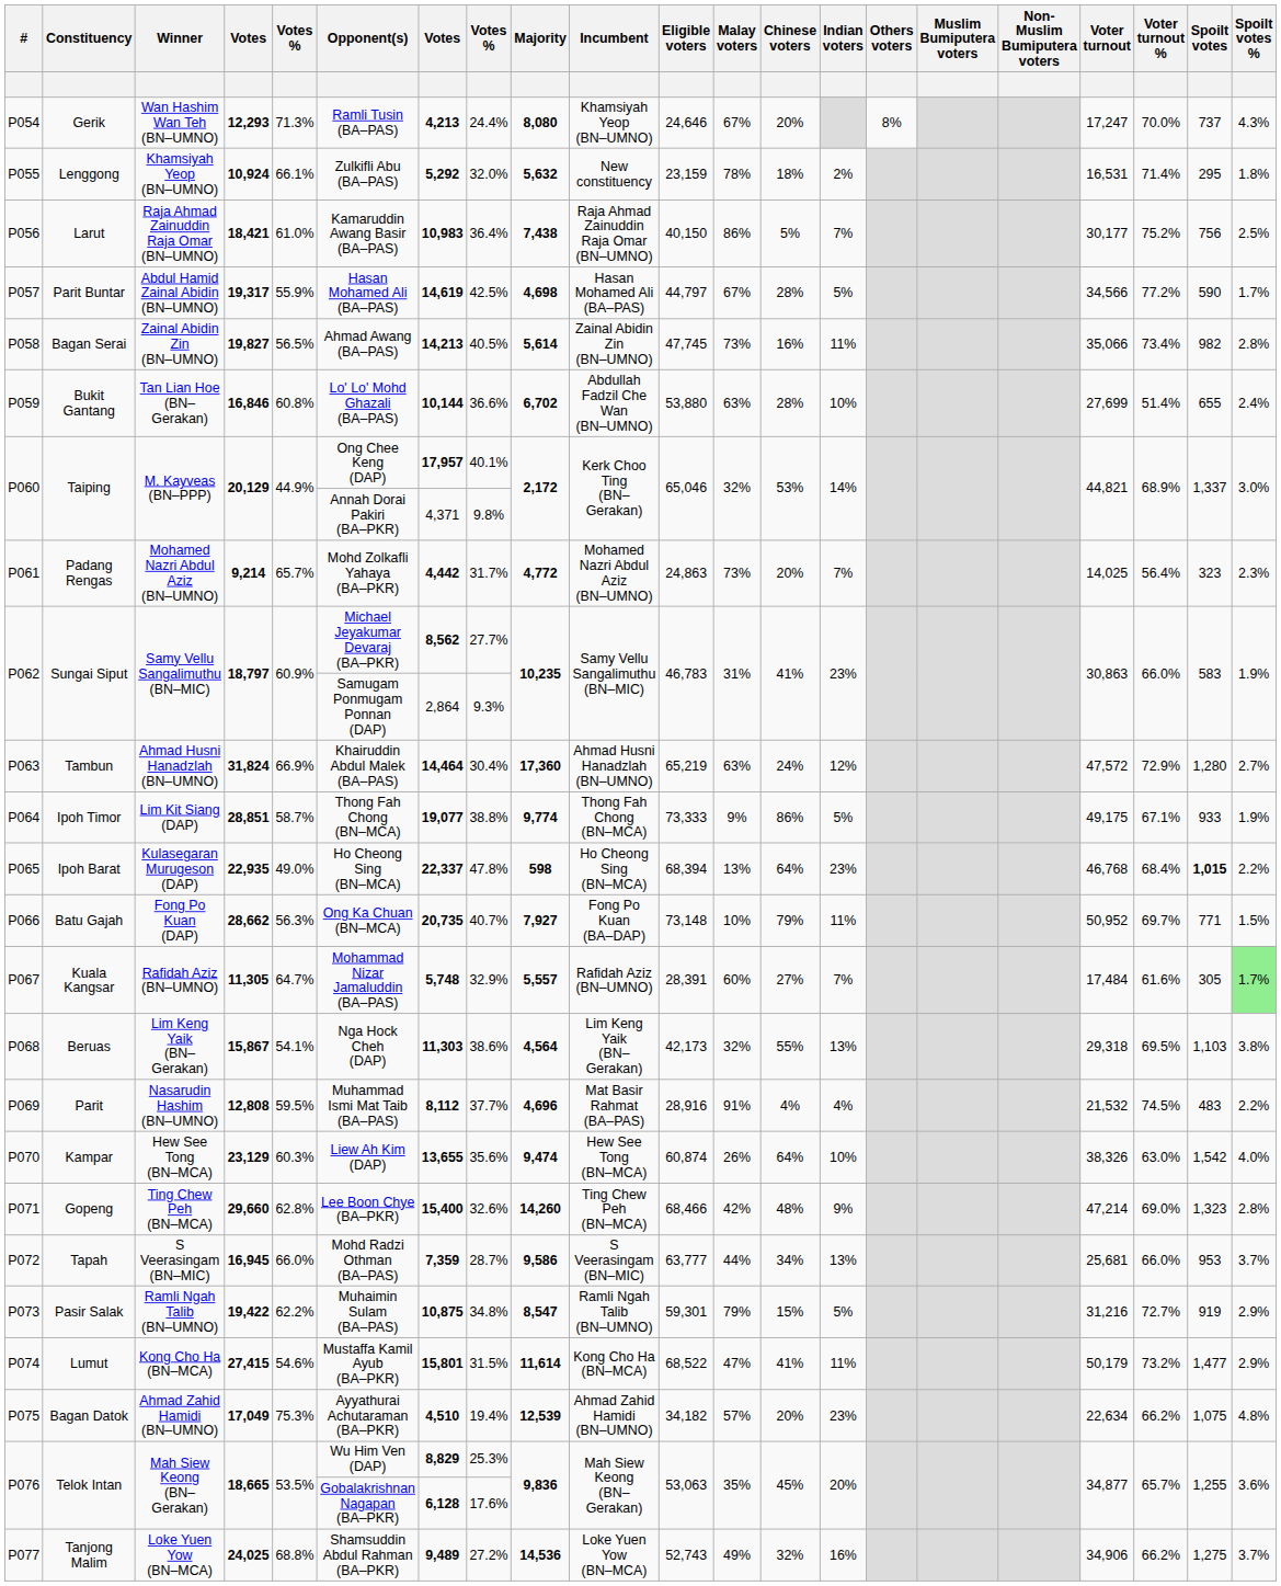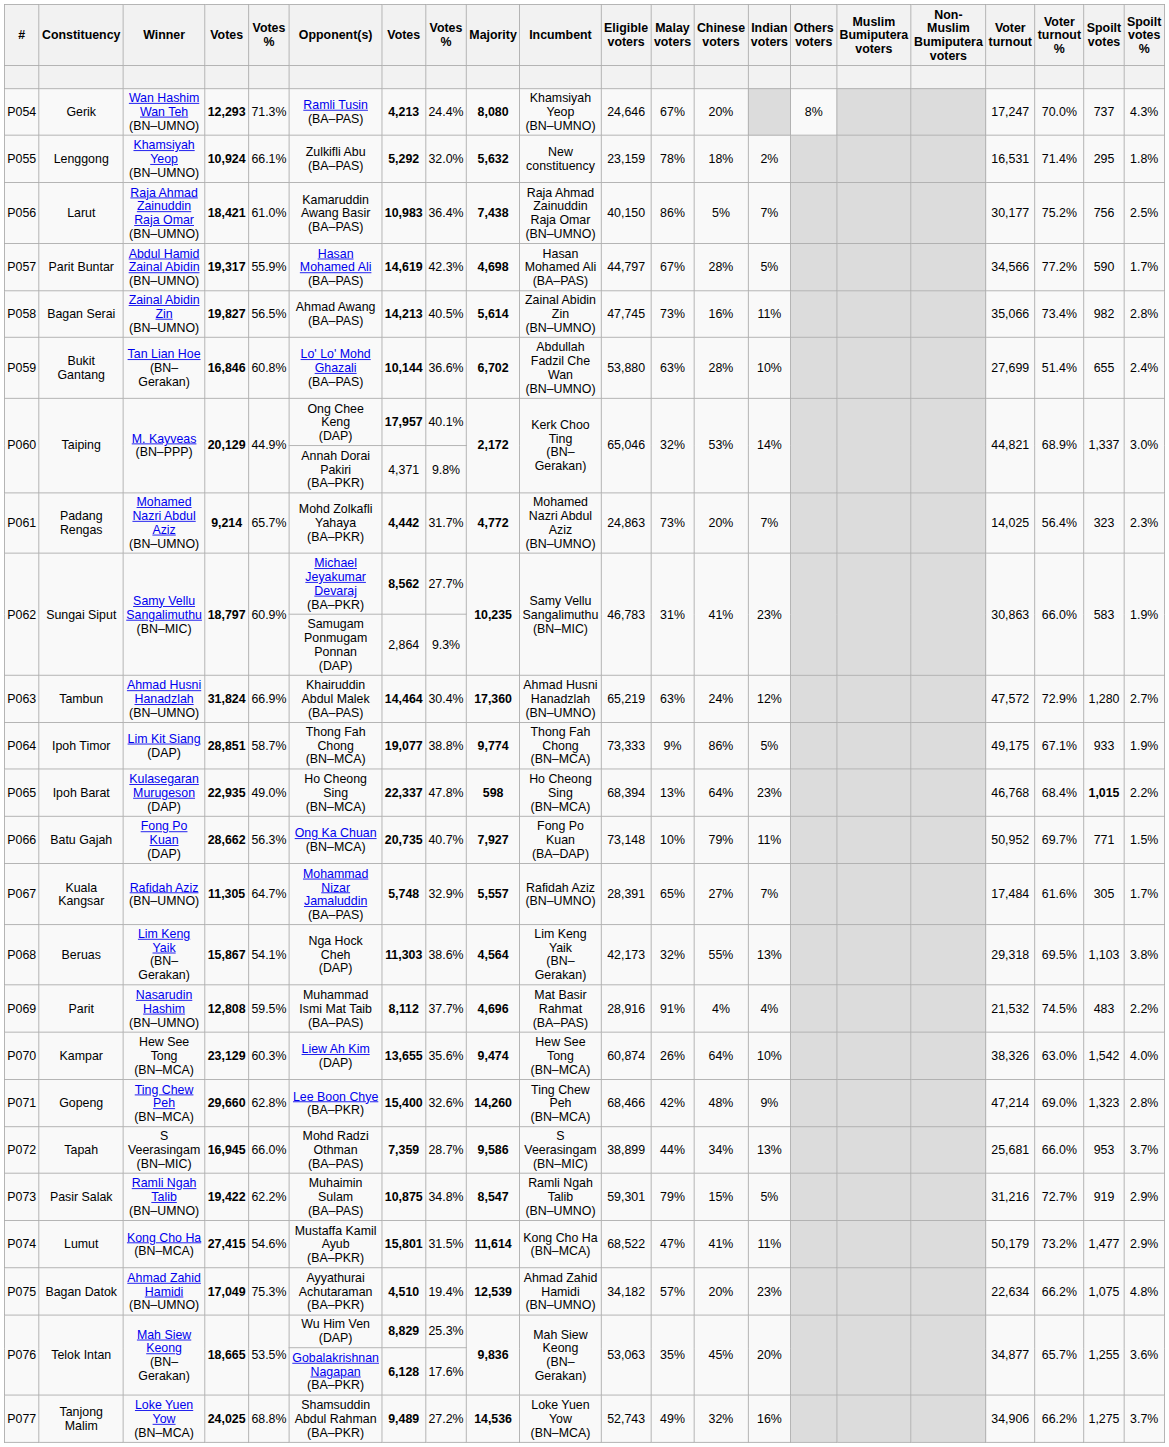 <table class="wikitable sortable" style="text-align:center; font-size:90%">
 <tr>
 <th width="30">#</th>
 <th width="60">Constituency</th>
 <th width="150">Winner</th>
 <th width="50">Votes</th>
 <th width="50">Votes %</th>
 <th width="150">Opponent(s)</th>
 <th width="50">Votes</th>
 <th width="50">Votes %</th>
 <th width="50">Majority</th>
 <th width="150">Incumbent</th>
 <th width="50">Eligible voters</th>
 <th width="50">Malay voters</th>
 <th width="50">Chinese voters</th>
 <th width="50">Indian voters</th>
 <th width="50">Others voters</th>
 <th width="50">Muslim Bumiputera voters</th>
 <th width="50">Non-Muslim Bumiputera voters</th>
 <th width="50">Voter turnout</th>
 <th width="50">Voter turnout %</th>
 <th width="50">Spoilt votes</th>
 <th width="50">Spoilt votes %</th>
 </tr>
 <tr>
 <th height="20"></th>
 <th></th>
 <th></th>
 <th></th>
 <th></th>
 <th></th>
 <th></th>
 <th></th>
 <th></th>
 <th></th>
 <th></th>
 <th></th>
 <th></th>
 <th></th>
 <th></th>
 <th></th>
 <th></th>
 <th></th>
 <th></th>
 <th></th>
 <th></th>
 </tr>
 <tr>
 <td>P054</td>
 <td>Gerik</td>
 <td><a href='#'>Wan Hashim Wan Teh</a><br>(BN–UMNO)</td>
 <td><strong>12,293</strong></td>
 <td>71.3%</td>
 <td><a href='#'>Ramli Tusin</a><br>(BA–PAS)</td>
 <td><strong>4,213</strong></td>
 <td>24.4%</td>
 <td><strong>8,080</strong></td>
 <td>Khamsiyah Yeop<br>(BN–UMNO)</td>
 <td>24,646</td>
 <td>67%</td>
 <td>20%</td>
 <td bgcolor="dcdcdc"></td>
 <td>8%</td>
 <td bgcolor="dcdcdc"></td>
 <td bgcolor="dcdcdc"></td>
 <td>17,247</td>
 <td>70.0%</td>
 <td>737</td>
 <td>4.3%</td>
 </tr>
 <tr>
 <td>P055</td>
 <td>Lenggong</td>
 <td><a href='#'>Khamsiyah Yeop</a><br>(BN–UMNO)</td>
 <td><strong>10,924</strong></td>
 <td>66.1%</td>
 <td>Zulkifli Abu<br>(BA–PAS)</td>
 <td><strong>5,292</strong></td>
 <td>32.0%</td>
 <td><strong>5,632</strong></td>
 <td>New constituency</td>
 <td>23,159</td>
 <td>78%</td>
 <td>18%</td>
 <td>2%</td>
 <td bgcolor="dcdcdc"></td>
 <td bgcolor="dcdcdc"></td>
 <td bgcolor="dcdcdc"></td>
 <td>16,531</td>
 <td>71.4%</td>
 <td>295</td>
 <td>1.8%</td>
 </tr>
 <tr>
 <td>P056</td>
 <td>Larut</td>
 <td><a href='#'>Raja Ahmad Zainuddin Raja Omar</a><br>(BN–UMNO)</td>
 <td><strong>18,421</strong></td>
 <td>61.0%</td>
 <td>Kamaruddin Awang Basir<br>(BA–PAS)</td>
 <td><strong>10,983</strong></td>
 <td>36.4%</td>
 <td><strong>7,438</strong></td>
 <td>Raja Ahmad Zainuddin Raja Omar<br>(BN–UMNO)</td>
 <td>40,150</td>
 <td>86%</td>
 <td>5%</td>
 <td>7%</td>
 <td bgcolor="dcdcdc"></td>
 <td bgcolor="dcdcdc"></td>
 <td bgcolor="dcdcdc"></td>
 <td>30,177</td>
 <td>75.2%</td>
 <td>756</td>
 <td>2.5%</td>
 </tr>
 <tr>
 <td>P057</td>
 <td>Parit Buntar</td>
 <td><a href='#'>Abdul Hamid Zainal Abidin</a><br>(BN–UMNO)</td>
 <td><strong>19,317</strong></td>
 <td>55.9%</td>
 <td><a href='#'>Hasan Mohamed Ali</a><br>(BA–PAS)</td>
 <td><strong>14,619</strong></td>
-<td>42.5%</td>
+<td>42.3%</td>
 <td><strong>4,698</strong></td>
 <td>Hasan Mohamed Ali<br>(BA–PAS)</td>
 <td>44,797</td>
 <td>67%</td>
 <td>28%</td>
 <td>5%</td>
 <td bgcolor="dcdcdc"></td>
 <td bgcolor="dcdcdc"></td>
 <td bgcolor="dcdcdc"></td>
 <td>34,566</td>
 <td>77.2%</td>
 <td>590</td>
 <td>1.7%</td>
 </tr>
 <tr>
 <td>P058</td>
 <td>Bagan Serai</td>
 <td><a href='#'>Zainal Abidin Zin</a><br>(BN–UMNO)</td>
 <td><strong>19,827</strong></td>
 <td>56.5%</td>
 <td>Ahmad Awang<br>(BA–PAS)</td>
 <td><strong>14,213</strong></td>
 <td>40.5%</td>
 <td><strong>5,614</strong></td>
 <td>Zainal Abidin Zin<br>(BN–UMNO)</td>
 <td>47,745</td>
 <td>73%</td>
 <td>16%</td>
 <td>11%</td>
 <td bgcolor="dcdcdc"></td>
 <td bgcolor="dcdcdc"></td>
 <td bgcolor="dcdcdc"></td>
 <td>35,066</td>
 <td>73.4%</td>
 <td>982</td>
 <td>2.8%</td>
 </tr>
 <tr>
 <td>P059</td>
 <td>Bukit Gantang</td>
 <td><a href='#'>Tan Lian Hoe</a><br>(BN–Gerakan)</td>
 <td><strong>16,846</strong></td>
 <td>60.8%</td>
 <td><a href='#'>Lo' Lo' Mohd Ghazali</a><br>(BA–PAS)</td>
 <td><strong>10,144</strong></td>
 <td>36.6%</td>
 <td><strong>6,702</strong></td>
 <td>Abdullah Fadzil Che Wan<br>(BN–UMNO)</td>
 <td>53,880</td>
 <td>63%</td>
 <td>28%</td>
 <td>10%</td>
 <td bgcolor="dcdcdc"></td>
 <td bgcolor="dcdcdc"></td>
 <td bgcolor="dcdcdc"></td>
 <td>27,699</td>
 <td>51.4%</td>
 <td>655</td>
 <td>2.4%</td>
 </tr>
 <tr>
 <td rowspan="2">P060</td>
 <td rowspan="2">Taiping</td>
 <td rowspan="2"><a href='#'>M. Kayveas</a><br>(BN–PPP)</td>
 <td rowspan="2"><strong>20,129</strong></td>
 <td rowspan="2">44.9%</td>
 <td>Ong Chee Keng<br>(DAP)</td>
 <td><strong>17,957</strong></td>
 <td>40.1%</td>
 <td rowspan="2"><strong>2,172</strong></td>
 <td rowspan="2">Kerk Choo Ting<br>(BN–Gerakan)</td>
 <td rowspan="2">65,046</td>
 <td rowspan="2">32%</td>
 <td rowspan="2">53%</td>
 <td rowspan="2">14%</td>
 <td rowspan="2" bgcolor="dcdcdc"></td>
 <td rowspan="2" bgcolor="dcdcdc"></td>
 <td rowspan="2" bgcolor="dcdcdc"></td>
 <td rowspan="2">44,821</td>
 <td rowspan="2">68.9%</td>
 <td rowspan="2">1,337</td>
 <td rowspan="2">3.0%</td>
 </tr>
 <tr>
 <td>Annah Dorai Pakiri<br>(BA–PKR)</td>
 <td>4,371</td>
 <td>9.8%</td>
 </tr>
 <tr>
 <td>P061</td>
 <td>Padang Rengas</td>
 <td><a href='#'>Mohamed Nazri Abdul Aziz</a><br>(BN–UMNO)</td>
 <td><strong>9,214</strong></td>
 <td>65.7%</td>
 <td>Mohd Zolkafli Yahaya<br>(BA–PKR)</td>
 <td><strong>4,442</strong></td>
 <td>31.7%</td>
 <td><strong>4,772</strong></td>
 <td>Mohamed Nazri Abdul Aziz<br>(BN–UMNO)</td>
 <td>24,863</td>
 <td>73%</td>
 <td>20%</td>
 <td>7%</td>
 <td bgcolor="dcdcdc"></td>
 <td bgcolor="dcdcdc"></td>
 <td bgcolor="dcdcdc"></td>
 <td>14,025</td>
 <td>56.4%</td>
 <td>323</td>
 <td>2.3%</td>
 </tr>
 <tr>
 <td rowspan="2">P062</td>
 <td rowspan="2">Sungai Siput</td>
 <td rowspan="2"><a href='#'>Samy Vellu Sangalimuthu</a><br>(BN–MIC)</td>
 <td rowspan="2"><strong>18,797</strong></td>
 <td rowspan="2">60.9%</td>
 <td><a href='#'>Michael Jeyakumar Devaraj</a><br>(BA–PKR)</td>
 <td><strong>8,562</strong></td>
 <td>27.7%</td>
 <td rowspan="2"><strong>10,235</strong></td>
 <td rowspan="2">Samy Vellu Sangalimuthu<br>(BN–MIC)</td>
 <td rowspan="2">46,783</td>
 <td rowspan="2">31%</td>
 <td rowspan="2">41%</td>
 <td rowspan="2">23%</td>
 <td rowspan="2" bgcolor="dcdcdc"></td>
 <td rowspan="2" bgcolor="dcdcdc"></td>
 <td rowspan="2" bgcolor="dcdcdc"></td>
 <td rowspan="2">30,863</td>
 <td rowspan="2">66.0%</td>
 <td rowspan="2">583</td>
 <td rowspan="2">1.9%</td>
 </tr>
 <tr>
 <td>Samugam Ponmugam Ponnan<br>(DAP)</td>
 <td>2,864</td>
 <td>9.3%</td>
 </tr>
 <tr>
 <td>P063</td>
 <td>Tambun</td>
 <td><a href='#'>Ahmad Husni Hanadzlah</a><br>(BN–UMNO)</td>
 <td><strong>31,824</strong></td>
 <td>66.9%</td>
 <td>Khairuddin Abdul Malek<br>(BA–PAS)</td>
 <td><strong>14,464</strong></td>
 <td>30.4%</td>
 <td><strong>17,360</strong></td>
 <td>Ahmad Husni Hanadzlah<br>(BN–UMNO)</td>
 <td>65,219</td>
 <td>63%</td>
 <td>24%</td>
 <td>12%</td>
 <td bgcolor="dcdcdc"></td>
 <td bgcolor="dcdcdc"></td>
 <td bgcolor="dcdcdc"></td>
 <td>47,572</td>
 <td>72.9%</td>
 <td>1,280</td>
 <td>2.7%</td>
 </tr>
 <tr>
 <td>P064</td>
 <td>Ipoh Timor</td>
 <td><a href='#'>Lim Kit Siang</a><br>(DAP)</td>
 <td><strong>28,851</strong></td>
 <td>58.7%</td>
 <td>Thong Fah Chong<br>(BN–MCA)</td>
 <td><strong>19,077</strong></td>
 <td>38.8%</td>
 <td><strong>9,774</strong></td>
 <td>Thong Fah Chong<br>(BN–MCA)</td>
 <td>73,333</td>
 <td>9%</td>
 <td>86%</td>
 <td>5%</td>
 <td bgcolor="dcdcdc"></td>
 <td bgcolor="dcdcdc"></td>
 <td bgcolor="dcdcdc"></td>
 <td>49,175</td>
 <td>67.1%</td>
 <td>933</td>
 <td>1.9%</td>
 </tr>
 <tr>
 <td>P065</td>
 <td>Ipoh Barat</td>
 <td><a href='#'>Kulasegaran Murugeson</a><br>(DAP)</td>
 <td><strong>22,935</strong></td>
 <td>49.0%</td>
 <td>Ho Cheong Sing<br>(BN–MCA)</td>
 <td><strong>22,337</strong></td>
 <td>47.8%</td>
 <td><strong>598</strong></td>
 <td>Ho Cheong Sing<br>(BN–MCA)</td>
 <td>68,394</td>
 <td>13%</td>
 <td>64%</td>
 <td>23%</td>
 <td bgcolor="dcdcdc"></td>
 <td bgcolor="dcdcdc"></td>
 <td bgcolor="dcdcdc"></td>
 <td>46,768</td>
 <td>68.4%</td>
 <td><strong>1,015</strong></td>
 <td>2.2%</td>
 </tr>
 <tr>
 <td>P066</td>
 <td>Batu Gajah</td>
 <td><a href='#'>Fong Po Kuan</a><br>(DAP)</td>
 <td><strong>28,662</strong></td>
 <td>56.3%</td>
 <td><a href='#'>Ong Ka Chuan</a><br>(BN–MCA)</td>
 <td><strong>20,735</strong></td>
 <td>40.7%</td>
 <td><strong>7,927</strong></td>
 <td>Fong Po Kuan<br>(BA–DAP)</td>
 <td>73,148</td>
 <td>10%</td>
 <td>79%</td>
 <td>11%</td>
 <td bgcolor="dcdcdc"></td>
 <td bgcolor="dcdcdc"></td>
 <td bgcolor="dcdcdc"></td>
 <td>50,952</td>
 <td>69.7%</td>
 <td>771</td>
 <td>1.5%</td>
 </tr>
 <tr>
 <td>P067</td>
 <td>Kuala Kangsar</td>
 <td><a href='#'>Rafidah Aziz</a><br>(BN–UMNO)</td>
 <td><strong>11,305</strong></td>
 <td>64.7%</td>
 <td><a href='#'>Mohammad Nizar Jamaluddin</a><br>(BA–PAS)</td>
 <td><strong>5,748</strong></td>
 <td>32.9%</td>
 <td><strong>5,557</strong></td>
 <td>Rafidah Aziz<br>(BN–UMNO)</td>
 <td>28,391</td>
-<td>60%</td>
+<td>65%</td>
 <td>27%</td>
 <td>7%</td>
 <td bgcolor="dcdcdc"></td>
 <td bgcolor="dcdcdc"></td>
 <td bgcolor="dcdcdc"></td>
 <td>17,484</td>
 <td>61.6%</td>
 <td>305</td>
-<td style="background: lightgreen;">1.7%</td>
+<td>1.7%</td>
 </tr>
 <tr>
 <td>P068</td>
 <td>Beruas</td>
 <td><a href='#'>Lim Keng Yaik</a><br>(BN–Gerakan)</td>
 <td><strong>15,867</strong></td>
 <td>54.1%</td>
 <td>Nga Hock Cheh<br>(DAP)</td>
 <td><strong>11,303</strong></td>
 <td>38.6%</td>
 <td><strong>4,564</strong></td>
 <td>Lim Keng Yaik<br>(BN–Gerakan)</td>
 <td>42,173</td>
 <td>32%</td>
 <td>55%</td>
 <td>13%</td>
 <td bgcolor="dcdcdc"></td>
 <td bgcolor="dcdcdc"></td>
 <td bgcolor="dcdcdc"></td>
 <td>29,318</td>
 <td>69.5%</td>
 <td>1,103</td>
 <td>3.8%</td>
 </tr>
 <tr>
 <td>P069</td>
 <td>Parit</td>
 <td><a href='#'>Nasarudin Hashim</a><br>(BN–UMNO)</td>
 <td><strong>12,808</strong></td>
 <td>59.5%</td>
 <td>Muhammad Ismi Mat Taib<br>(BA–PAS)</td>
 <td><strong>8,112</strong></td>
 <td>37.7%</td>
 <td><strong>4,696</strong></td>
 <td>Mat Basir Rahmat<br>(BA–PAS)</td>
 <td>28,916</td>
 <td>91%</td>
 <td>4%</td>
 <td>4%</td>
 <td bgcolor="dcdcdc"></td>
 <td bgcolor="dcdcdc"></td>
 <td bgcolor="dcdcdc"></td>
 <td>21,532</td>
 <td>74.5%</td>
 <td>483</td>
 <td>2.2%</td>
 </tr>
 <tr>
 <td>P070</td>
 <td>Kampar</td>
 <td>Hew See Tong<br>(BN–MCA)</td>
 <td><strong>23,129</strong></td>
 <td>60.3%</td>
 <td><a href='#'>Liew Ah Kim</a><br>(DAP)</td>
 <td><strong>13,655</strong></td>
 <td>35.6%</td>
 <td><strong>9,474</strong></td>
 <td>Hew See Tong<br>(BN–MCA)</td>
 <td>60,874</td>
 <td>26%</td>
 <td>64%</td>
 <td>10%</td>
 <td bgcolor="dcdcdc"></td>
 <td bgcolor="dcdcdc"></td>
 <td bgcolor="dcdcdc"></td>
 <td>38,326</td>
 <td>63.0%</td>
 <td>1,542</td>
 <td>4.0%</td>
 </tr>
 <tr>
 <td>P071</td>
 <td>Gopeng</td>
 <td><a href='#'>Ting Chew Peh</a><br>(BN–MCA)</td>
 <td><strong>29,660</strong></td>
 <td>62.8%</td>
 <td><a href='#'>Lee Boon Chye</a><br>(BA–PKR)</td>
 <td><strong>15,400</strong></td>
 <td>32.6%</td>
 <td><strong>14,260</strong></td>
 <td>Ting Chew Peh<br>(BN–MCA)</td>
 <td>68,466</td>
 <td>42%</td>
 <td>48%</td>
 <td>9%</td>
 <td bgcolor="dcdcdc"></td>
 <td bgcolor="dcdcdc"></td>
 <td bgcolor="dcdcdc"></td>
 <td>47,214</td>
 <td>69.0%</td>
 <td>1,323</td>
 <td>2.8%</td>
 </tr>
 <tr>
 <td>P072</td>
 <td>Tapah</td>
 <td>S Veerasingam<br>(BN–MIC)</td>
 <td><strong>16,945</strong></td>
 <td>66.0%</td>
 <td>Mohd Radzi Othman<br>(BA–PAS)</td>
 <td><strong>7,359</strong></td>
 <td>28.7%</td>
 <td><strong>9,586</strong></td>
 <td>S Veerasingam<br>(BN–MIC)</td>
-<td>63,777</td>
+<td>38,899</td>
 <td>44%</td>
 <td>34%</td>
 <td>13%</td>
 <td bgcolor="dcdcdc"></td>
 <td bgcolor="dcdcdc"></td>
 <td bgcolor="dcdcdc"></td>
 <td>25,681</td>
 <td>66.0%</td>
 <td>953</td>
 <td>3.7%</td>
 </tr>
 <tr>
 <td>P073</td>
 <td>Pasir Salak</td>
 <td><a href='#'>Ramli Ngah Talib</a><br>(BN–UMNO)</td>
 <td><strong>19,422</strong></td>
 <td>62.2%</td>
 <td>Muhaimin Sulam<br>(BA–PAS)</td>
 <td><strong>10,875</strong></td>
 <td>34.8%</td>
 <td><strong>8,547</strong></td>
 <td>Ramli Ngah Talib<br>(BN–UMNO)</td>
 <td>59,301</td>
 <td>79%</td>
 <td>15%</td>
 <td>5%</td>
 <td bgcolor="dcdcdc"></td>
 <td bgcolor="dcdcdc"></td>
 <td bgcolor="dcdcdc"></td>
 <td>31,216</td>
 <td>72.7%</td>
 <td>919</td>
 <td>2.9%</td>
 </tr>
 <tr>
 <td>P074</td>
 <td>Lumut</td>
 <td><a href='#'>Kong Cho Ha</a><br>(BN–MCA)</td>
 <td><strong>27,415</strong></td>
 <td>54.6%</td>
 <td>Mustaffa Kamil Ayub<br>(BA–PKR)</td>
 <td><strong>15,801</strong></td>
 <td>31.5%</td>
 <td><strong>11,614</strong></td>
 <td>Kong Cho Ha<br>(BN–MCA)</td>
 <td>68,522</td>
 <td>47%</td>
 <td>41%</td>
 <td>11%</td>
 <td bgcolor="dcdcdc"></td>
 <td bgcolor="dcdcdc"></td>
 <td bgcolor="dcdcdc"></td>
 <td>50,179</td>
 <td>73.2%</td>
 <td>1,477</td>
 <td>2.9%</td>
 </tr>
 <tr>
 <td>P075</td>
 <td>Bagan Datok</td>
 <td><a href='#'>Ahmad Zahid Hamidi</a><br>(BN–UMNO)</td>
 <td><strong>17,049</strong></td>
 <td>75.3%</td>
 <td>Ayyathurai Achutaraman<br>(BA–PKR)</td>
 <td><strong>4,510</strong></td>
 <td>19.4%</td>
 <td><strong>12,539</strong></td>
 <td>Ahmad Zahid Hamidi<br>(BN–UMNO)</td>
 <td>34,182</td>
 <td>57%</td>
 <td>20%</td>
 <td>23%</td>
 <td bgcolor="dcdcdc"></td>
 <td bgcolor="dcdcdc"></td>
 <td bgcolor="dcdcdc"></td>
 <td>22,634</td>
 <td>66.2%</td>
 <td>1,075</td>
 <td>4.8%</td>
 </tr>
 <tr>
 <td rowspan=2>P076</td>
 <td rowspan=2>Telok Intan</td>
 <td rowspan=2><a href='#'>Mah Siew Keong</a><br>(BN–Gerakan)</td>
 <td rowspan=2><strong>18,665</strong></td>
 <td rowspan=2>53.5%</td>
 <td>Wu Him Ven<br>(DAP)</td>
 <td><strong>8,829</strong></td>
 <td>25.3%</td>
 <td rowspan=2><strong>9,836</strong></td>
 <td rowspan=2>Mah Siew Keong<br>(BN–Gerakan)</td>
 <td rowspan=2>53,063</td>
 <td rowspan=2>35%</td>
 <td rowspan=2>45%</td>
 <td rowspan=2>20%</td>
 <td rowspan=2 bgcolor="dcdcdc"></td>
 <td rowspan=2 bgcolor="dcdcdc"></td>
 <td rowspan=2 bgcolor="dcdcdc"></td>
 <td rowspan=2>34,877</td>
 <td rowspan=2>65.7%</td>
 <td rowspan=2>1,255</td>
 <td rowspan=2>3.6%</td>
 </tr>
 <tr>
 <td><a href='#'>Gobalakrishnan Nagapan</a><br>(BA–PKR)</td>
 <td><strong>6,128</strong></td>
 <td>17.6%</td>
 </tr>
 <tr>
 <td>P077</td>
 <td>Tanjong Malim</td>
 <td><a href='#'>Loke Yuen Yow</a><br>(BN–MCA)</td>
 <td><strong>24,025</strong></td>
 <td>68.8%</td>
 <td>Shamsuddin Abdul Rahman<br>(BA–PKR)</td>
 <td><strong>9,489</strong></td>
 <td>27.2%</td>
 <td><strong>14,536</strong></td>
 <td>Loke Yuen Yow<br>(BN–MCA)</td>
 <td>52,743</td>
 <td>49%</td>
 <td>32%</td>
 <td>16%</td>
 <td bgcolor="dcdcdc"></td>
 <td bgcolor="dcdcdc"></td>
 <td bgcolor="dcdcdc"></td>
 <td>34,906</td>
 <td>66.2%</td>
 <td>1,275</td>
 <td>3.7%</td>
 </tr>
 </table>
